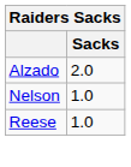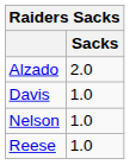 <table class="wikitable">
 <tr>
 <th colspan="2">Raiders Sacks</th>
 </tr>
 <tr>
 <th></th>
 <th>Sacks</th>
 </tr>
 <tr>
 <td><a href='#'>Alzado</a></td>
 <td>2.0</td>
 </tr>
 <tr>
+<td><a href='#'>Davis</a></td>
+<td>1.0</td>
+</tr>
+<tr>
 <td><a href='#'>Nelson</a></td>
 <td>1.0</td>
 </tr>
 <tr>
 <td><a href='#'>Reese</a></td>
 <td>1.0</td>
 </tr>
 </table>
